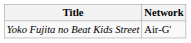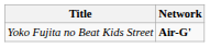 <table class="wikitable">
 <tr>
 <th>Title</th>
 <th>Network</th>
 </tr>
 <tr>
 <td><em>Yoko Fujita no Beat Kids Street</em></td>
-<td>Air-G'</td>
+<td><strong>Air-G'</strong></td>
 </tr>
 </table>
